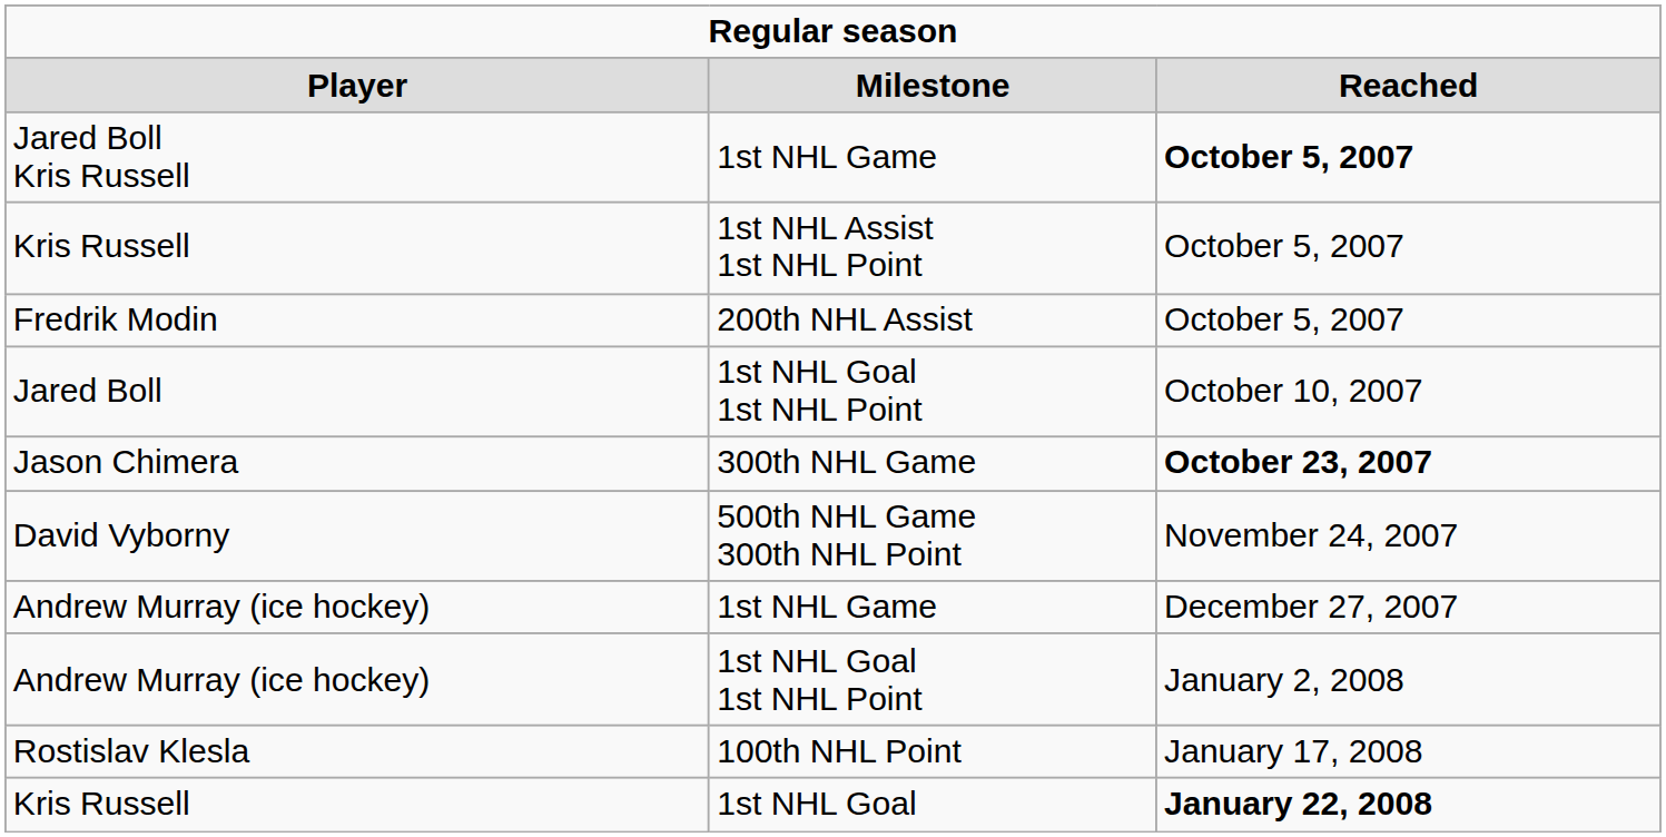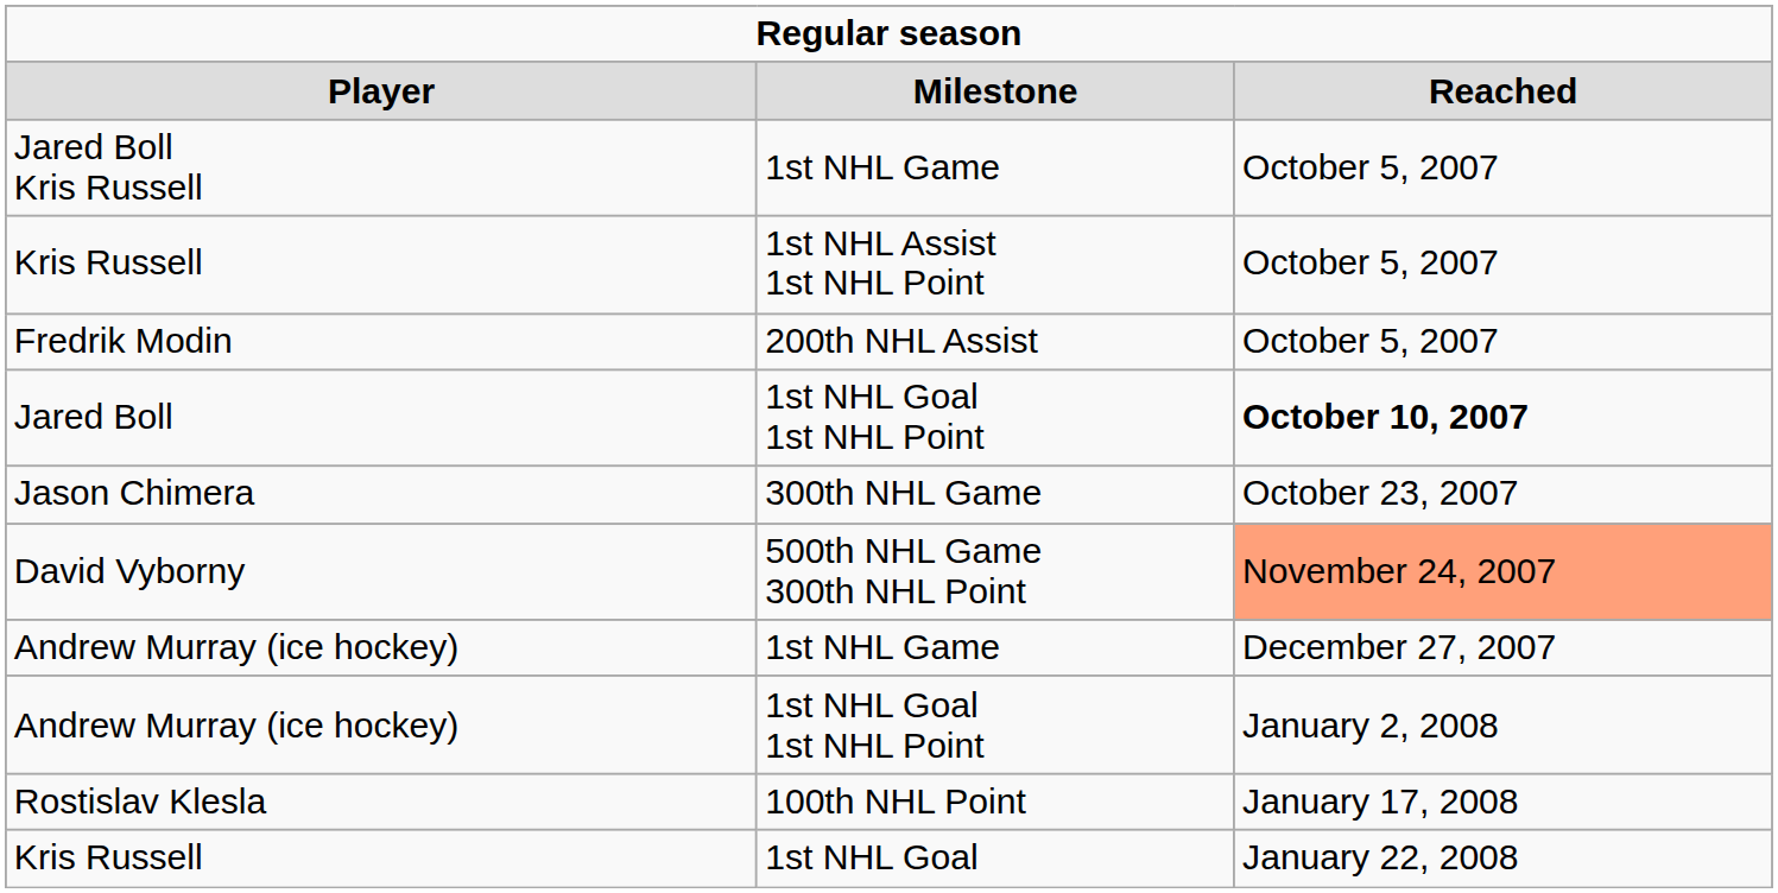 <table class="wikitable" style="width:50%;">
 <tr>
 <td colspan="10" style="text-align:center;"><strong>Regular season</strong></td>
 </tr>
 <tr style="text-align:center; background:#ddd;">
 <td><strong>Player</strong></td>
 <td><strong>Milestone</strong></td>
 <td><strong>Reached</strong></td>
 </tr>
 <tr>
 <td>Jared Boll<br>Kris Russell</td>
 <td>1st NHL Game</td>
-<td><strong>October 5, 2007</strong></td>
+<td>October 5, 2007</td>
 </tr>
 <tr>
 <td>Kris Russell</td>
 <td>1st NHL Assist<br>1st NHL Point</td>
 <td>October 5, 2007</td>
 </tr>
 <tr>
 <td>Fredrik Modin</td>
 <td>200th NHL Assist</td>
 <td>October 5, 2007</td>
 </tr>
 <tr>
 <td>Jared Boll</td>
 <td>1st NHL Goal<br>1st NHL Point</td>
-<td>October 10, 2007</td>
+<td><strong>October 10, 2007</strong></td>
 </tr>
 <tr>
 <td>Jason Chimera</td>
 <td>300th NHL Game</td>
-<td><strong>October 23, 2007</strong></td>
+<td>October 23, 2007</td>
 </tr>
 <tr>
 <td>David Vyborny</td>
 <td>500th NHL Game<br>300th NHL Point</td>
-<td>November 24, 2007</td>
+<td style="background: lightsalmon;">November 24, 2007</td>
 </tr>
 <tr>
 <td>Andrew Murray (ice hockey)</td>
 <td>1st NHL Game</td>
 <td>December 27, 2007</td>
 </tr>
 <tr>
 <td>Andrew Murray (ice hockey)</td>
 <td>1st NHL Goal<br>1st NHL Point</td>
 <td>January 2, 2008</td>
 </tr>
 <tr>
 <td>Rostislav Klesla</td>
 <td>100th NHL Point</td>
 <td>January 17, 2008</td>
 </tr>
 <tr>
 <td>Kris Russell</td>
 <td>1st NHL Goal</td>
-<td><strong>January 22, 2008</strong></td>
+<td>January 22, 2008</td>
 </tr>
 </table>
